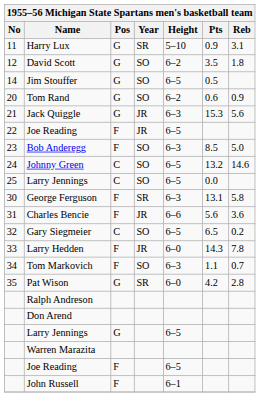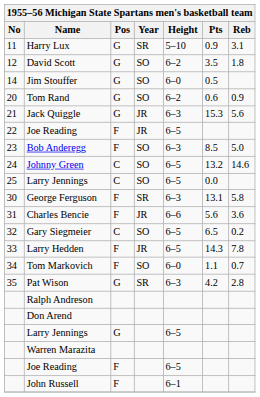 <table class="wikitable sortable" style="font-size: 90%" |->
 <tr>
 <th colspan=9 style=>1955–56 Michigan State Spartans men's basketball team</th>
 </tr>
 <tr>
 <th style="background:#">No</th>
 <th style="background:#">Name</th>
 <th style="background:#">Pos</th>
 <th style="background:#">Year</th>
 <th style="background:#">Height</th>
 <th style="background:#">Pts</th>
 <th style="background:#">Reb</th>
 </tr>
 <tr>
 <td>11</td>
 <td>Harry Lux</td>
 <td>G</td>
 <td>SR</td>
 <td>5–10</td>
 <td>0.9</td>
 <td>3.1</td>
 </tr>
 <tr>
 <td>12</td>
 <td>David Scott</td>
 <td>G</td>
 <td>SO</td>
 <td>6–2</td>
 <td>3.5</td>
 <td>1.8</td>
 </tr>
 <tr>
 <td>14</td>
 <td>Jim Stouffer</td>
 <td>G</td>
 <td>SO</td>
-<td>6–5</td>
+<td>6–0</td>
 <td>0.5</td>
 <td></td>
 </tr>
 <tr>
 <td>20</td>
 <td>Tom Rand</td>
 <td>G</td>
 <td>SO</td>
 <td>6–2</td>
 <td>0.6</td>
 <td>0.9</td>
 </tr>
 <tr>
 <td>21</td>
 <td>Jack Quiggle</td>
 <td>G</td>
 <td>JR</td>
 <td>6–3</td>
 <td>15.3</td>
 <td>5.6</td>
 </tr>
 <tr>
 <td>22</td>
 <td>Joe Reading</td>
 <td>F</td>
 <td>JR</td>
 <td>6–5</td>
 <td></td>
 <td></td>
 </tr>
 <tr>
 <td>23</td>
 <td><a href='#'>Bob Anderegg</a></td>
 <td>F</td>
 <td>SO</td>
 <td>6–3</td>
 <td>8.5</td>
 <td>5.0</td>
 </tr>
 <tr>
 <td>24</td>
 <td><a href='#'>Johnny Green</a></td>
 <td>C</td>
 <td>SO</td>
 <td>6–5</td>
 <td>13.2</td>
 <td>14.6</td>
 </tr>
 <tr>
 <td>25</td>
 <td>Larry Jennings</td>
 <td>C</td>
 <td>SO</td>
 <td>6–5</td>
 <td>0.0</td>
 <td></td>
 </tr>
 <tr>
 <td>30</td>
 <td>George Ferguson</td>
 <td>F</td>
 <td>SR</td>
 <td>6–3</td>
 <td>13.1</td>
 <td>5.8</td>
 </tr>
 <tr>
 <td>31</td>
 <td>Charles Bencie</td>
 <td>F</td>
 <td>JR</td>
 <td>6–6</td>
 <td>5.6</td>
 <td>3.6</td>
 </tr>
 <tr>
 <td>32</td>
 <td>Gary Siegmeier</td>
 <td>C</td>
 <td>SO</td>
 <td>6–5</td>
 <td>6.5</td>
 <td>0.2</td>
 </tr>
 <tr>
 <td>33</td>
 <td>Larry Hedden</td>
 <td>F</td>
 <td>JR</td>
-<td>6–0</td>
+<td>6–5</td>
 <td>14.3</td>
 <td>7.8</td>
 </tr>
 <tr>
 <td>34</td>
 <td>Tom Markovich</td>
 <td>F</td>
 <td>SO</td>
-<td>6–3</td>
+<td>6–0</td>
 <td>1.1</td>
 <td>0.7</td>
 </tr>
 <tr>
 <td>35</td>
 <td>Pat Wison</td>
 <td>G</td>
 <td>SR</td>
-<td>6–0</td>
+<td>6–3</td>
 <td>4.2</td>
 <td>2.8</td>
 </tr>
 <tr>
 <td></td>
 <td>Ralph Andreson</td>
 <td></td>
 <td></td>
 <td></td>
 <td></td>
 <td></td>
 </tr>
 <tr>
 <td></td>
 <td>Don Arend</td>
 <td></td>
 <td></td>
 <td></td>
 <td></td>
 <td></td>
 </tr>
 <tr>
 <td></td>
 <td>Larry Jennings</td>
 <td>G</td>
 <td></td>
 <td>6–5</td>
 <td></td>
 <td></td>
 </tr>
 <tr>
 <td></td>
 <td>Warren Marazita</td>
 <td></td>
 <td></td>
 <td></td>
 <td></td>
 <td></td>
 </tr>
 <tr>
 <td></td>
 <td>Joe Reading</td>
 <td>F</td>
 <td></td>
 <td>6–5</td>
 <td></td>
 <td></td>
 </tr>
 <tr>
 <td></td>
 <td>John Russell</td>
 <td>F</td>
 <td></td>
 <td>6–1</td>
 <td></td>
 <td></td>
 </tr>
 <tr>
 </tr>
 </table>
